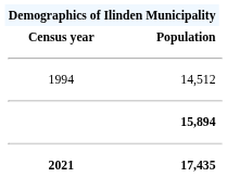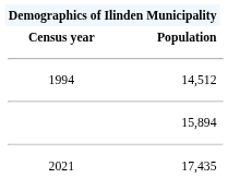 <table class="toccolours" align="center" cellpadding="4" cellspacing="0" style="margin:0 0 1em 1em; font-size: 95%;">
 <tr>
 <th colspan=2 bgcolor="#F0F8FF" align="center">Demographics of <strong>Ilinden Municipality</strong></th>
 <th></th>
 </tr>
 <tr>
 <th align="center">Census year</th>
 <th align="right">Population</th>
 </tr>
 <tr>
 <td colspan=3><hr></td>
 </tr>
 <tr>
 <td align="center">1994</td>
 <td align="right">14,512</td>
 </tr>
 <tr>
 <td colspan=3><hr></td>
 </tr>
 <tr>
 <td align="center"></td>
-<td align="right"><strong>15,894</strong></td>
+<td align="right">15,894</td>
 </tr>
 <tr>
 <td colspan=3><hr></td>
 </tr>
 <tr>
-<td align="center"><strong>2021</strong></td>
-<td align="right"><strong>17,435</strong></td>
+<td align="center">2021</td>
+<td align="right">17,435</td>
 </tr>
 <tr>
 </tr>
 </table>
